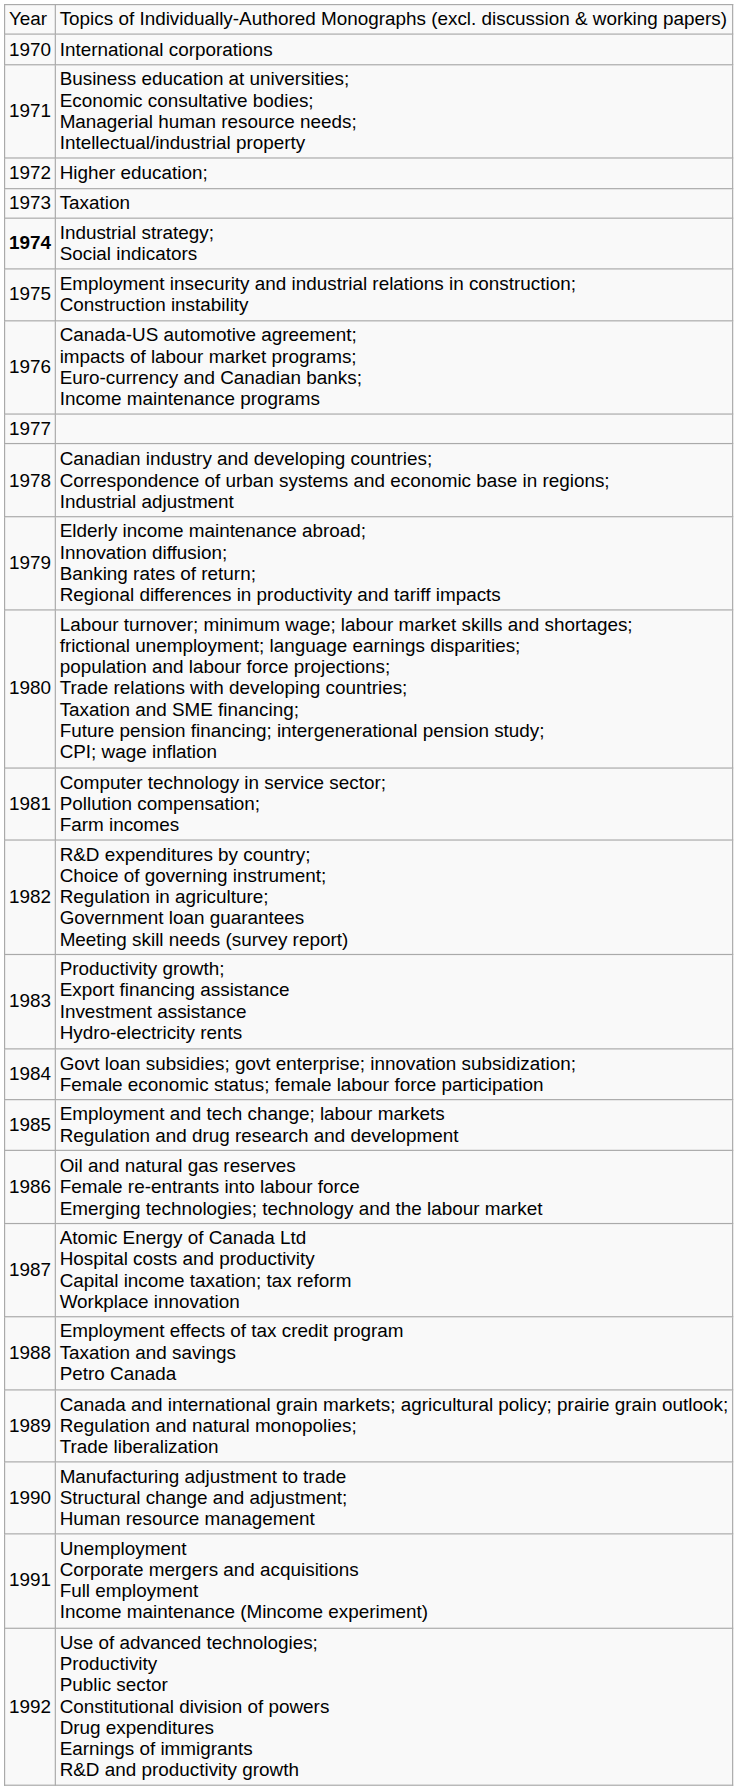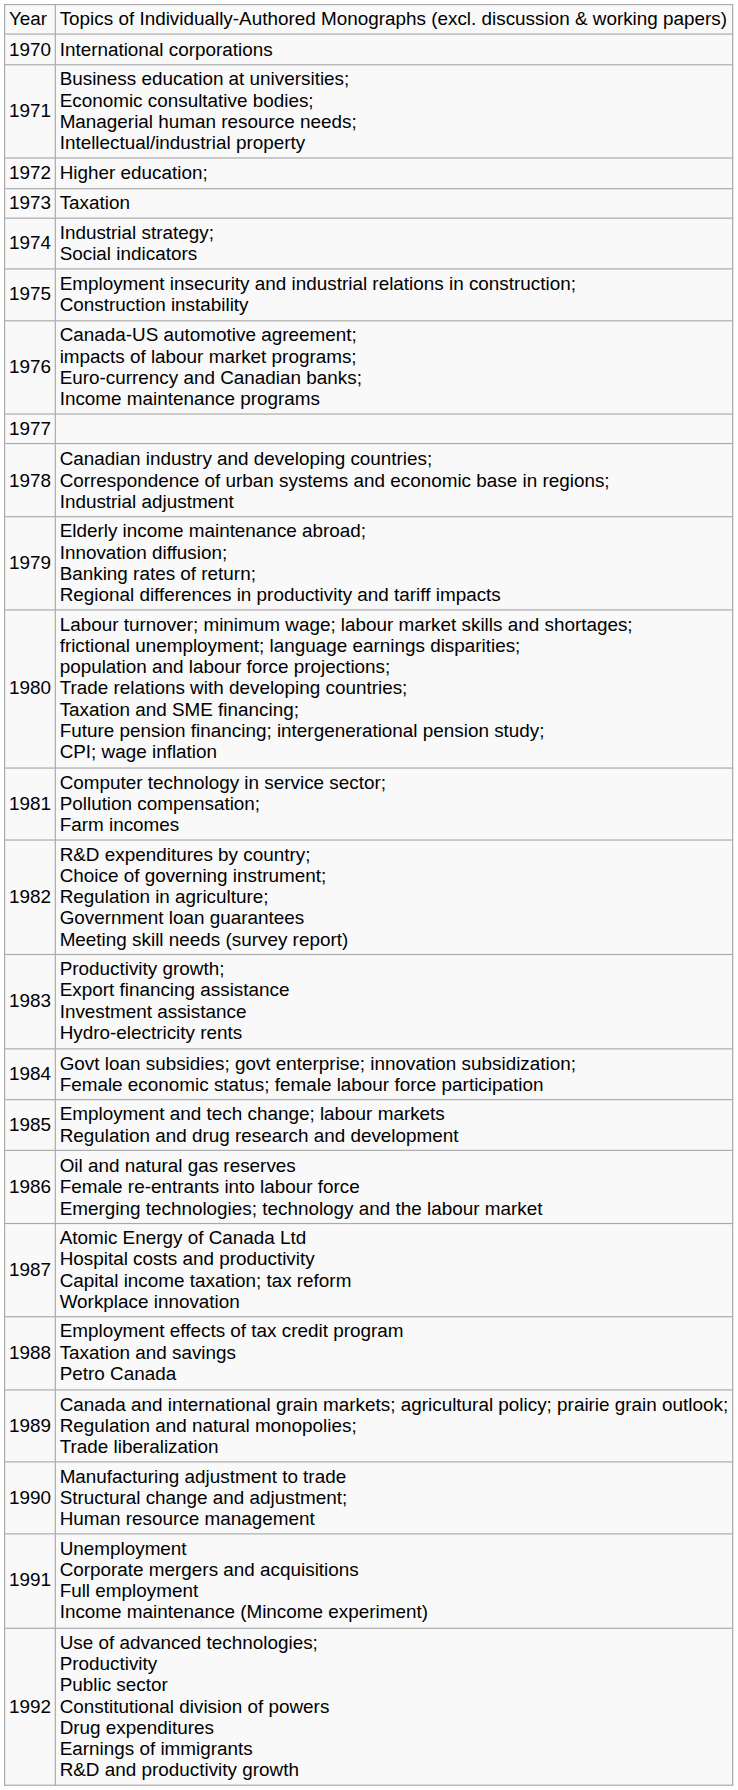 <table class="wikitable">
 <tr>
 <td>Year</td>
 <td>Topics of Individually-Authored Monographs (excl. discussion & working papers)</td>
 </tr>
 <tr>
 <td>1970</td>
 <td>International corporations</td>
 </tr>
 <tr>
 <td>1971</td>
 <td>Business education at universities;<br>Economic consultative bodies;<br>Managerial human resource needs;<br>Intellectual/industrial property</td>
 </tr>
 <tr>
 <td>1972</td>
 <td>Higher education;</td>
 </tr>
 <tr>
 <td>1973</td>
 <td>Taxation</td>
 </tr>
 <tr>
-<td><strong>1974</strong></td>
+<td>1974</td>
 <td>Industrial strategy;<br>Social indicators</td>
 </tr>
 <tr>
 <td>1975</td>
 <td>Employment insecurity and industrial relations in  construction;<br>Construction instability</td>
 </tr>
 <tr>
 <td>1976</td>
 <td>Canada-US automotive agreement;<br>impacts of labour market programs;<br>Euro-currency and Canadian banks;<br>Income maintenance programs</td>
 </tr>
 <tr>
 <td>1977</td>
 <td></td>
 </tr>
 <tr>
 <td>1978</td>
 <td>Canadian industry and developing countries;<br>Correspondence of urban systems and economic base in regions;<br>Industrial adjustment</td>
 </tr>
 <tr>
 <td>1979</td>
 <td>Elderly income maintenance abroad;<br>Innovation diffusion;<br>Banking rates of return;<br>Regional differences in productivity and tariff impacts</td>
 </tr>
 <tr>
 <td>1980</td>
 <td>Labour turnover; minimum wage; labour market skills  and shortages;<br>frictional unemployment; language earnings disparities;<br>population and labour force projections;<br>Trade relations with developing countries;<br>Taxation and SME financing;<br>Future pension financing; intergenerational pension study;<br>CPI; wage inflation</td>
 </tr>
 <tr>
 <td>1981</td>
 <td>Computer technology in service sector;<br>Pollution compensation;<br>Farm incomes</td>
 </tr>
 <tr>
 <td>1982</td>
 <td>R&D expenditures by country;<br>Choice of governing instrument;<br>Regulation in agriculture;<br>Government loan guarantees<br>Meeting skill needs (survey report)</td>
 </tr>
 <tr>
 <td>1983</td>
 <td>Productivity growth;<br>Export financing assistance<br>Investment assistance<br>Hydro-electricity rents</td>
 </tr>
 <tr>
 <td>1984</td>
 <td>Govt loan subsidies; govt enterprise; innovation  subsidization;<br>Female economic status; female labour force  participation</td>
 </tr>
 <tr>
 <td>1985</td>
 <td>Employment and tech change; labour markets<br>Regulation and drug research and development</td>
 </tr>
 <tr>
 <td>1986</td>
 <td>Oil and natural gas reserves<br>Female re-entrants into labour force<br>Emerging technologies; technology and the labour  market</td>
 </tr>
 <tr>
 <td>1987</td>
 <td>Atomic Energy of Canada Ltd<br>Hospital costs and productivity<br>Capital income taxation; tax reform<br>Workplace innovation</td>
 </tr>
 <tr>
 <td>1988</td>
 <td>Employment effects of tax credit program<br>Taxation and savings<br>Petro Canada</td>
 </tr>
 <tr>
 <td>1989</td>
 <td>Canada and international grain markets; agricultural  policy; prairie grain outlook;<br>Regulation and natural monopolies;<br>Trade liberalization</td>
 </tr>
 <tr>
 <td>1990</td>
 <td>Manufacturing adjustment to trade<br>Structural change and adjustment;<br>Human resource management</td>
 </tr>
 <tr>
 <td>1991</td>
 <td>Unemployment<br>Corporate mergers and acquisitions<br>Full employment<br>Income maintenance (Mincome experiment)</td>
 </tr>
 <tr>
 <td>1992</td>
 <td>Use of advanced technologies;<br>Productivity<br>Public sector<br>Constitutional division of powers<br>Drug expenditures<br>Earnings of immigrants<br>R&D and productivity growth</td>
 </tr>
 </table>
